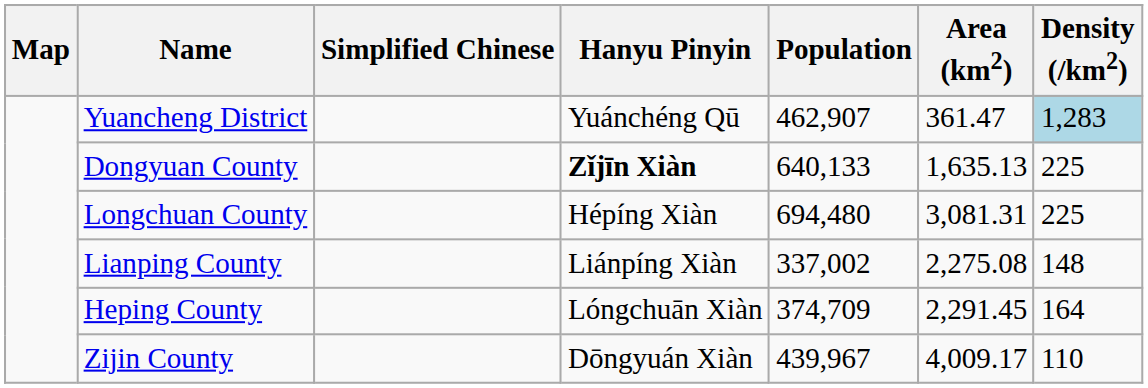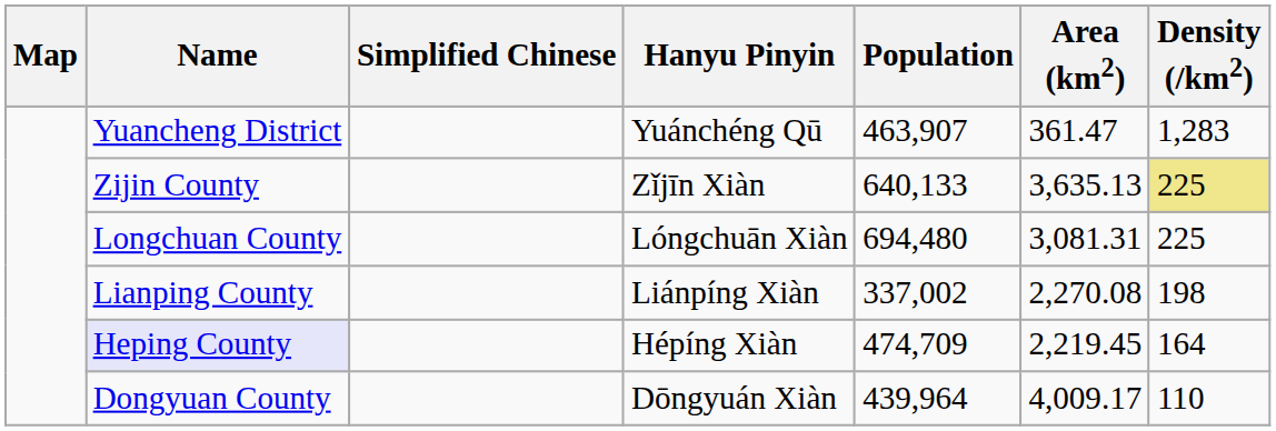 <table class="wikitable" style="font-size:90%;">
 <tr>
 <th colspan="6">Map</th>
 <th>Name</th>
 <th>Simplified Chinese</th>
 <th>Hanyu Pinyin</th>
 <th>Population<br></th>
 <th>Area<br>(km<sup>2</sup>)</th>
 <th>Density<br>(/km<sup>2</sup>)</th>
 </tr>
 <tr>
 <td colspan="6" rowspan="6"><div><br>          </div></td>
 <td><a href='#'>Yuancheng District</a></td>
 <td></td>
 <td>Yuánchéng Qū</td>
-<td>462,907</td>
+<td>463,907</td>
 <td>361.47</td>
-<td style="background: lightblue;">1,283</td>
+<td>1,283</td>
 </tr>
 <tr>
-<td><a href='#'>Dongyuan County</a></td>
+<td><a href='#'>Zijin County</a></td>
 <td></td>
-<td><strong>Zǐjīn Xiàn</strong></td>
+<td>Zǐjīn Xiàn</td>
 <td>640,133</td>
-<td>1,635.13</td>
-<td>225</td>
+<td>3,635.13</td>
+<td style="background: khaki;">225</td>
 </tr>
 <tr>
 <td><a href='#'>Longchuan County</a></td>
 <td></td>
-<td>Hépíng Xiàn</td>
+<td>Lóngchuān Xiàn</td>
 <td>694,480</td>
 <td>3,081.31</td>
 <td>225</td>
 </tr>
 <tr>
 <td><a href='#'>Lianping County</a></td>
 <td></td>
 <td>Liánpíng Xiàn</td>
 <td>337,002</td>
-<td>2,275.08</td>
-<td>148</td>
+<td>2,270.08</td>
+<td>198</td>
 </tr>
 <tr>
-<td><a href='#'>Heping County</a></td>
+<td style="background: lavender;"><a href='#'>Heping County</a></td>
 <td></td>
-<td>Lóngchuān Xiàn</td>
-<td>374,709</td>
-<td>2,291.45</td>
+<td>Hépíng Xiàn</td>
+<td>474,709</td>
+<td>2,219.45</td>
 <td>164</td>
 </tr>
 <tr>
-<td><a href='#'>Zijin County</a></td>
+<td><a href='#'>Dongyuan County</a></td>
 <td></td>
 <td>Dōngyuán Xiàn</td>
-<td>439,967</td>
+<td>439,964</td>
 <td>4,009.17</td>
 <td>110</td>
 </tr>
 </table>
